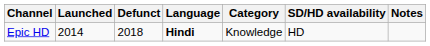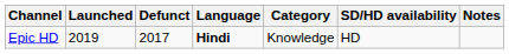 <table class="wikitable" style="text-align:middle;">
 <tr>
 <th>Channel</th>
 <th>Launched</th>
 <th>Defunct</th>
 <th>Language</th>
 <th>Category</th>
 <th>SD/HD availability</th>
 <th>Notes</th>
 </tr>
 <tr>
 <td><a href='#'>Epic HD</a></td>
-<td>2014</td>
-<td>2018</td>
+<td>2019</td>
+<td>2017</td>
 <td><strong>Hindi</strong></td>
 <td>Knowledge</td>
 <td>HD</td>
 <td></td>
 </tr>
 </table>
